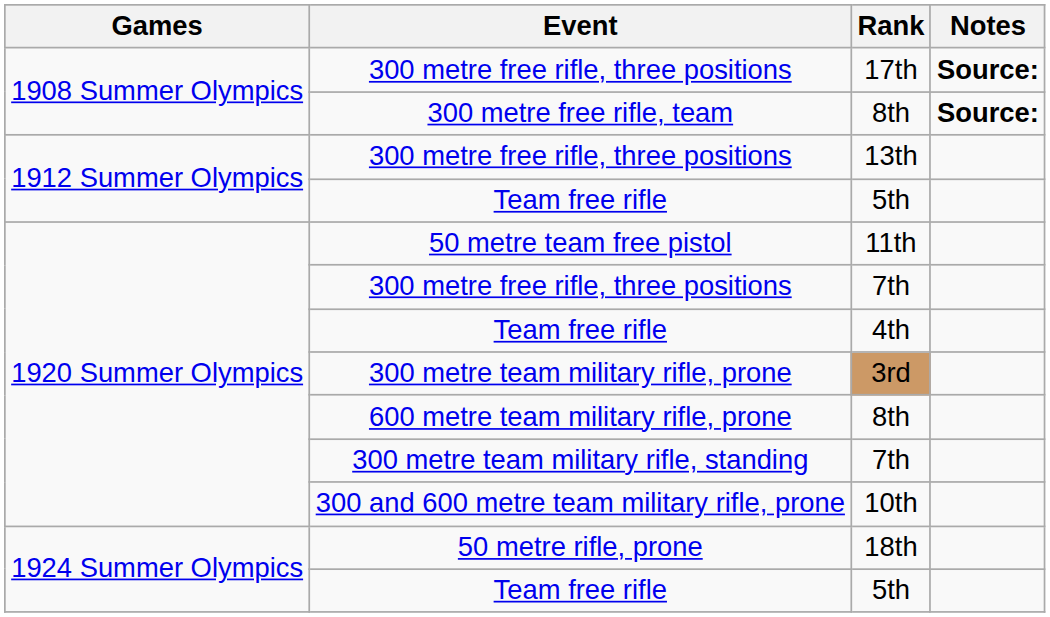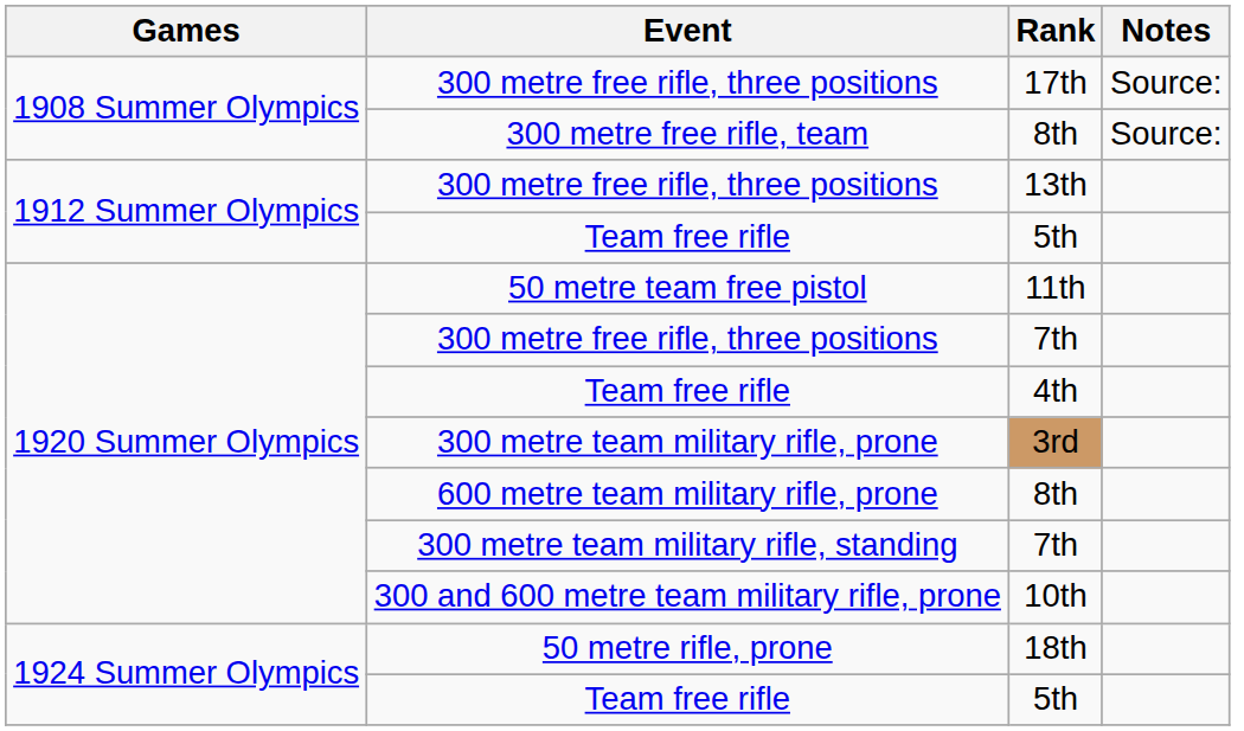 <table class="wikitable" style=" text-align:center;">
 <tr>
 <th>Games</th>
 <th>Event</th>
 <th>Rank</th>
 <th>Notes</th>
 </tr>
 <tr>
 <td style="white-space: nowrap;" rowspan=2><a href='#'>1908 Summer Olympics</a></td>
 <td style="white-space: nowrap;"><a href='#'>300 metre free rifle, three positions</a></td>
 <td>17th</td>
-<td align=left><strong>Source:</strong></td>
+<td align=left>Source:</td>
 </tr>
 <tr>
 <td style="white-space: nowrap;"><a href='#'>300 metre free rifle, team</a></td>
 <td>8th</td>
-<td align=left><strong>Source:</strong></td>
+<td align=left>Source:</td>
 </tr>
 <tr>
 <td style="white-space: nowrap;" rowspan=2><a href='#'>1912 Summer Olympics</a></td>
 <td style="white-space: nowrap;"><a href='#'>300 metre free rifle, three positions</a></td>
 <td>13th</td>
 <td align=left></td>
 </tr>
 <tr>
 <td style="white-space: nowrap;"><a href='#'>Team free rifle</a></td>
 <td>5th</td>
 <td align=left></td>
 </tr>
 <tr>
 <td style="white-space: nowrap;" rowspan=7><a href='#'>1920 Summer Olympics</a></td>
 <td style="white-space: nowrap;"><a href='#'>50 metre team free pistol</a></td>
 <td>11th</td>
 <td align=left></td>
 </tr>
 <tr>
 <td style="white-space: nowrap;"><a href='#'>300 metre free rifle, three positions</a></td>
 <td>7th</td>
 <td align=left></td>
 </tr>
 <tr>
 <td style="white-space: nowrap;"><a href='#'>Team free rifle</a></td>
 <td>4th</td>
 <td align=left></td>
 </tr>
 <tr>
 <td style="white-space: nowrap;"><a href='#'>300 metre team military rifle, prone</a></td>
 <td style=background-color:#cc9966>3rd</td>
 <td align=left></td>
 </tr>
 <tr>
 <td style="white-space: nowrap;"><a href='#'>600 metre team military rifle, prone</a></td>
 <td>8th</td>
 <td align=left></td>
 </tr>
 <tr>
 <td style="white-space: nowrap;"><a href='#'>300 metre team military rifle, standing</a></td>
 <td>7th</td>
 <td align=left></td>
 </tr>
 <tr>
 <td style="white-space: nowrap;"><a href='#'>300 and 600 metre team military rifle, prone</a></td>
 <td>10th</td>
 <td align=left></td>
 </tr>
 <tr>
 <td style="white-space: nowrap;" rowspan=2><a href='#'>1924 Summer Olympics</a></td>
 <td style="white-space: nowrap;"><a href='#'>50 metre rifle, prone</a></td>
 <td>18th</td>
 <td align=left></td>
 </tr>
 <tr>
 <td style="white-space: nowrap;"><a href='#'>Team free rifle</a></td>
 <td>5th</td>
 <td align=left></td>
 </tr>
 </table>
